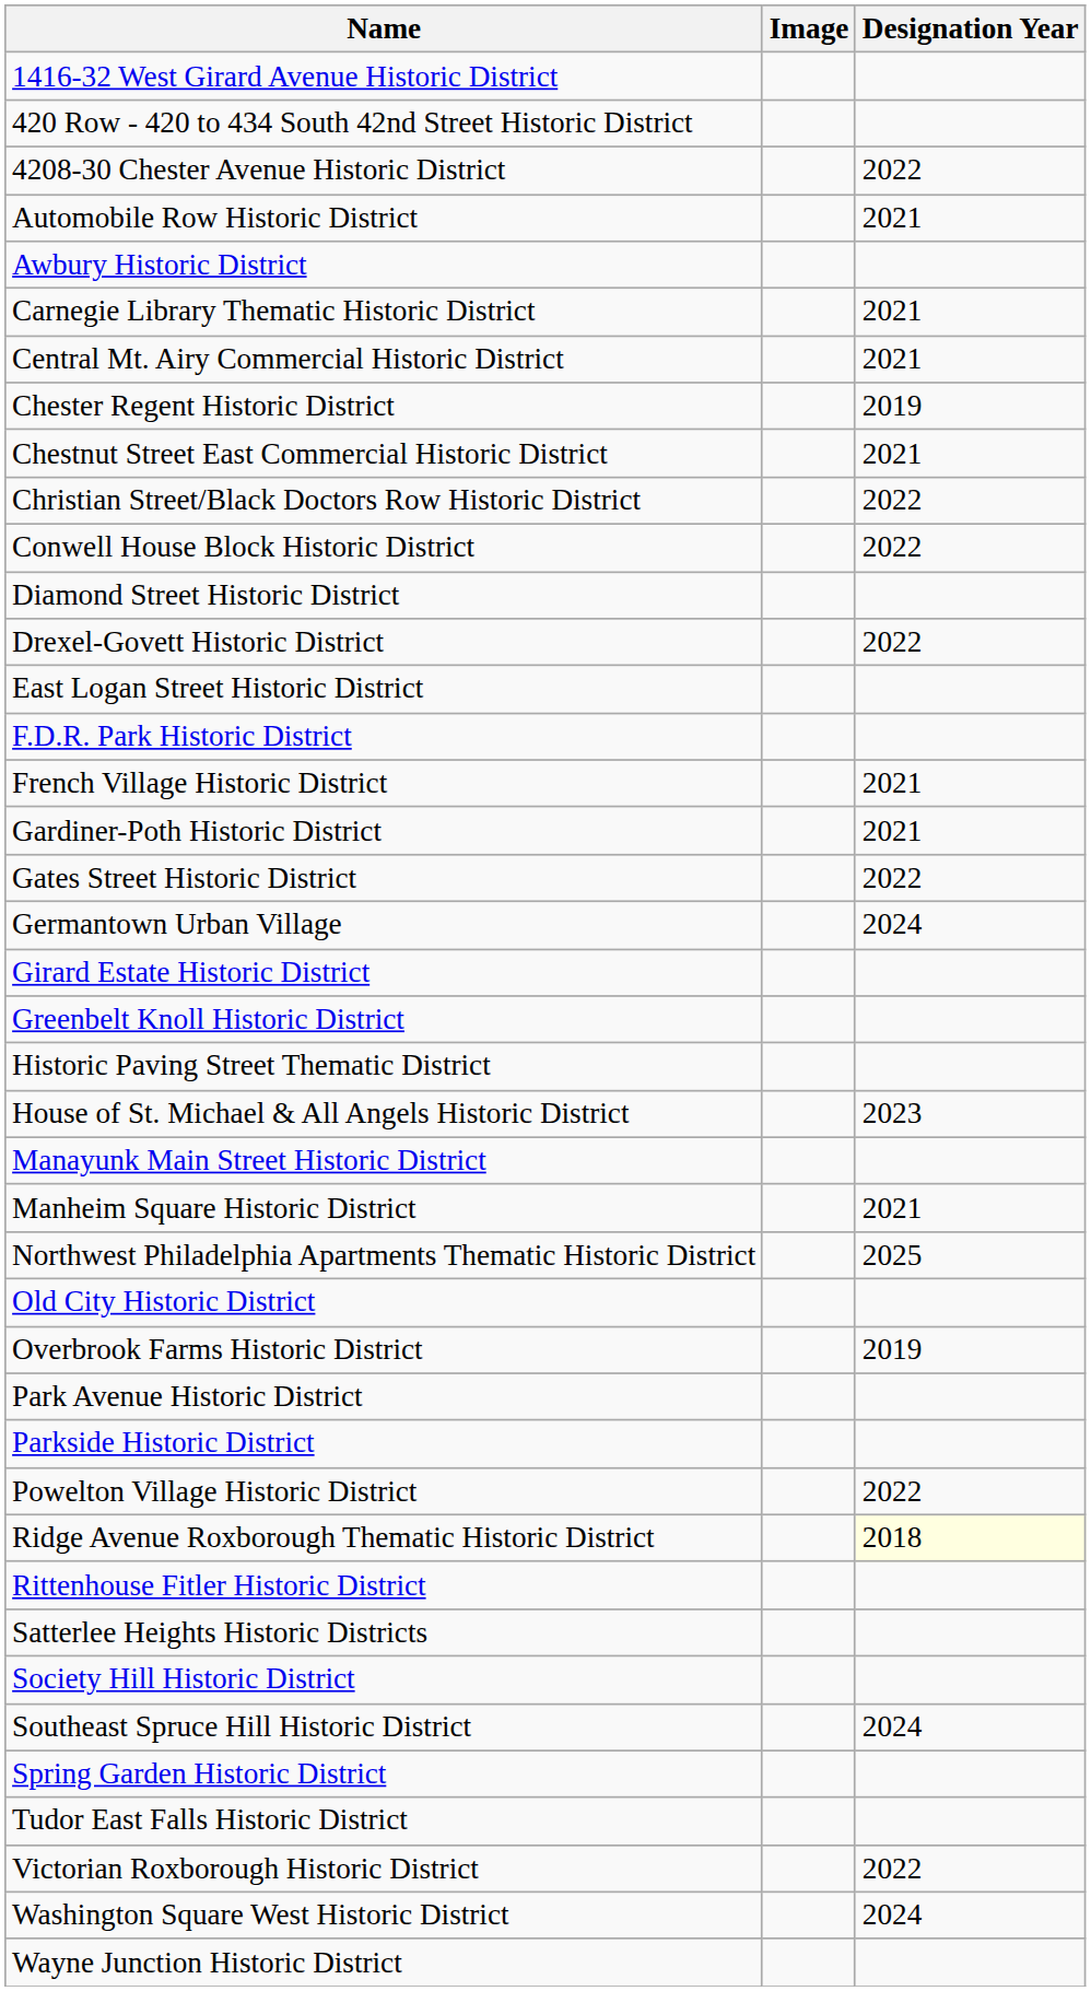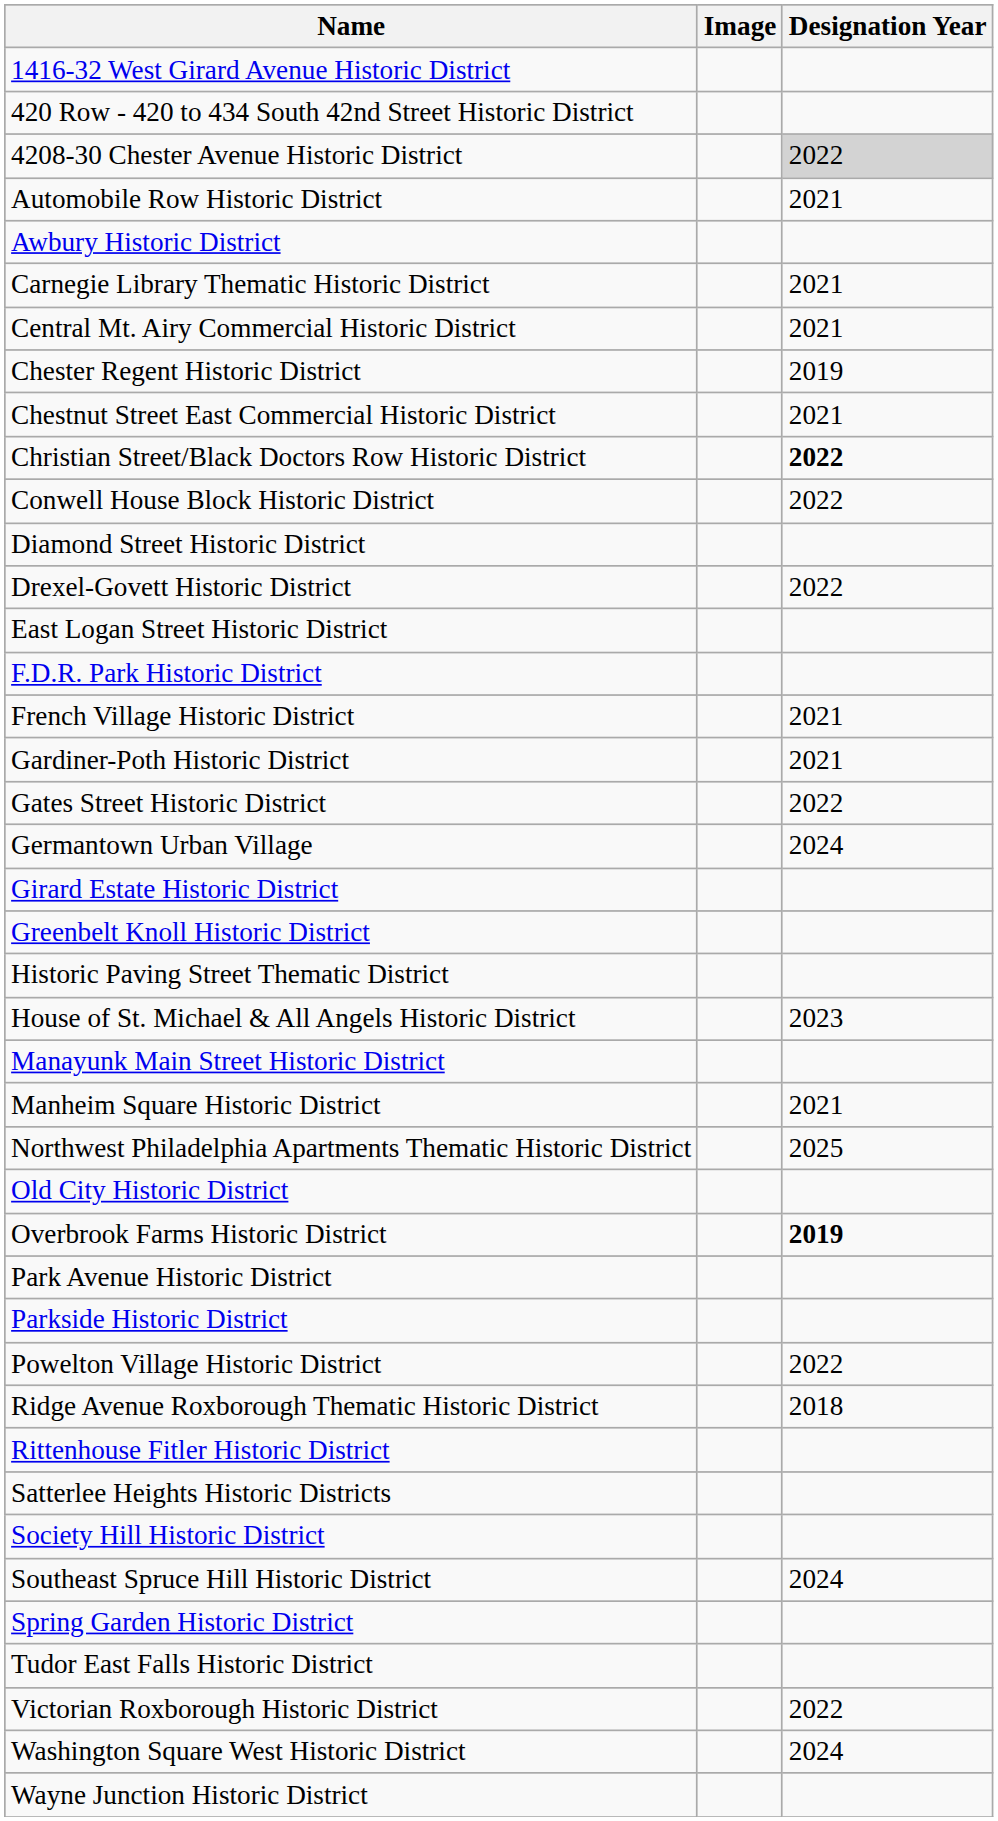 <table class="wikitable sortable" align="center">
 <tr>
 <th style="background-color:">Name</th>
 <th style="background-color:">Image</th>
 <th style="background-color:">Designation Year</th>
 </tr>
 <tr>
 <td><a href='#'>1416-32 West Girard Avenue Historic District</a></td>
 <td></td>
 <td></td>
 </tr>
 <tr>
 <td>420 Row - 420 to 434 South 42nd Street Historic District</td>
 <td></td>
 <td></td>
 </tr>
 <tr>
 <td>4208-30 Chester Avenue Historic District</td>
 <td></td>
-<td>2022</td>
+<td style="background: lightgrey;">2022</td>
 </tr>
 <tr>
 <td>Automobile Row Historic District</td>
 <td></td>
 <td>2021</td>
 </tr>
 <tr>
 <td><a href='#'>Awbury Historic District</a></td>
 <td></td>
 <td></td>
 </tr>
 <tr>
 <td>Carnegie Library Thematic Historic District</td>
 <td></td>
 <td>2021</td>
 </tr>
 <tr>
 <td>Central Mt. Airy Commercial Historic District</td>
 <td></td>
 <td>2021</td>
 </tr>
 <tr>
 <td>Chester Regent Historic District</td>
 <td></td>
 <td>2019</td>
 </tr>
 <tr>
 <td>Chestnut Street East Commercial Historic District</td>
 <td></td>
 <td>2021</td>
 </tr>
 <tr>
 <td>Christian Street/Black Doctors Row Historic District</td>
 <td></td>
-<td>2022</td>
+<td><strong>2022</strong></td>
 </tr>
 <tr>
 <td>Conwell House Block Historic District</td>
 <td></td>
 <td>2022</td>
 </tr>
 <tr>
 <td>Diamond Street Historic District</td>
 <td></td>
 <td></td>
 </tr>
 <tr>
 <td>Drexel-Govett Historic District</td>
 <td></td>
 <td>2022</td>
 </tr>
 <tr>
 <td>East Logan Street Historic District</td>
 <td></td>
 <td></td>
 </tr>
 <tr>
 <td><a href='#'>F.D.R. Park Historic District</a></td>
 <td></td>
 <td></td>
 </tr>
 <tr>
 <td>French Village Historic District</td>
 <td></td>
 <td>2021</td>
 </tr>
 <tr>
 <td>Gardiner-Poth Historic District</td>
 <td></td>
 <td>2021</td>
 </tr>
 <tr>
 <td>Gates Street Historic District</td>
 <td></td>
 <td>2022</td>
 </tr>
 <tr>
 <td>Germantown Urban Village</td>
 <td></td>
 <td>2024</td>
 </tr>
 <tr>
 <td><a href='#'>Girard Estate Historic District</a></td>
 <td></td>
 <td></td>
 </tr>
 <tr>
 <td><a href='#'>Greenbelt Knoll Historic District</a></td>
 <td></td>
 <td></td>
 </tr>
 <tr>
 <td>Historic Paving Street Thematic District</td>
 <td></td>
 <td></td>
 </tr>
 <tr>
 <td>House of St. Michael & All Angels Historic District</td>
 <td></td>
 <td>2023</td>
 </tr>
 <tr>
 <td><a href='#'>Manayunk Main Street Historic District</a></td>
 <td></td>
 <td></td>
 </tr>
 <tr>
 <td>Manheim Square Historic District</td>
 <td></td>
 <td>2021</td>
 </tr>
 <tr>
 <td>Northwest Philadelphia Apartments Thematic Historic District</td>
 <td></td>
 <td>2025</td>
 </tr>
 <tr>
 <td><a href='#'>Old City Historic District</a></td>
 <td></td>
 <td></td>
 </tr>
 <tr>
 <td>Overbrook Farms Historic District</td>
 <td></td>
-<td>2019</td>
+<td><strong>2019</strong></td>
 </tr>
 <tr>
 <td>Park Avenue Historic District</td>
 <td></td>
 <td></td>
 </tr>
 <tr>
 <td><a href='#'>Parkside Historic District</a></td>
 <td></td>
 <td></td>
 </tr>
 <tr>
 <td>Powelton Village Historic District</td>
 <td></td>
 <td>2022</td>
 </tr>
 <tr>
 <td>Ridge Avenue Roxborough Thematic Historic District</td>
 <td></td>
-<td style="background: lightyellow;">2018</td>
+<td>2018</td>
 </tr>
 <tr>
 <td><a href='#'>Rittenhouse Fitler Historic District</a></td>
 <td></td>
 <td></td>
 </tr>
 <tr>
 <td>Satterlee Heights Historic Districts</td>
 <td></td>
 <td></td>
 </tr>
 <tr>
 <td><a href='#'>Society Hill Historic District</a></td>
 <td></td>
 <td></td>
 </tr>
 <tr>
 <td>Southeast Spruce Hill Historic District</td>
 <td></td>
 <td>2024</td>
 </tr>
 <tr>
 <td><a href='#'>Spring Garden Historic District</a></td>
 <td></td>
 <td></td>
 </tr>
 <tr>
 <td>Tudor East Falls Historic District</td>
 <td></td>
 <td></td>
 </tr>
 <tr>
 <td>Victorian Roxborough Historic District</td>
 <td></td>
 <td>2022</td>
 </tr>
 <tr>
 <td>Washington Square West Historic District</td>
 <td></td>
 <td>2024</td>
 </tr>
 <tr>
 <td>Wayne Junction Historic District</td>
 <td></td>
 <td></td>
 </tr>
 </table>
